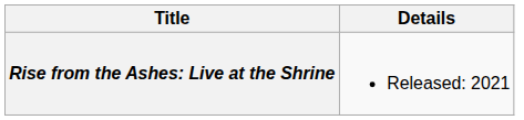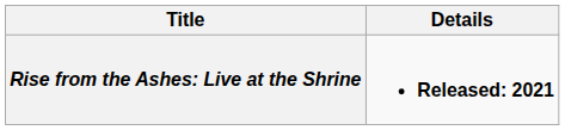 <table class="wikitable plainrowheaders">
 <tr>
 <th>Title</th>
 <th>Details</th>
 </tr>
 <tr>
 <th scope="row"><em>Rise from the Ashes: Live at the Shrine</em></th>
-<td><br><ul><li>Released: 2021</li></ul></td>
+<td><strong><br><ul><li>Released: 2021</li></ul></strong></td>
 </tr>
 </table>
